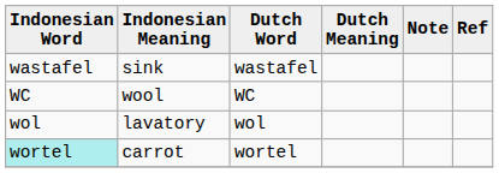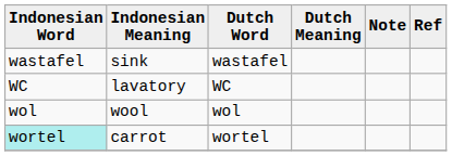 <table class="wikitable">
 <tr>
 <th style="background:#efefef;">Indonesian <br>Word</th>
 <th style="background:#efefef;">Indonesian <br>Meaning</th>
 <th style="background:#efefef;">Dutch <br>Word</th>
 <th style="background:#efefef;">Dutch <br>Meaning</th>
 <th style="background:#efefef;">Note</th>
 <th style="background:#efefef;">Ref</th>
 </tr>
 <tr>
 <td>wastafel</td>
 <td>sink</td>
 <td>wastafel</td>
 <td></td>
 <td></td>
 <td></td>
 </tr>
 <tr>
 <td>WC</td>
-<td>wool</td>
+<td>lavatory</td>
 <td>WC</td>
 <td></td>
 <td></td>
 <td></td>
 </tr>
 <tr>
 <td>wol</td>
-<td>lavatory</td>
+<td>wool</td>
 <td>wol</td>
 <td></td>
 <td></td>
 <td></td>
 </tr>
 <tr>
 <td style="background: paleturquoise;">wortel</td>
 <td>carrot</td>
 <td>wortel</td>
 <td></td>
 <td></td>
 <td></td>
 </tr>
 <tr>
 </tr>
 </table>
